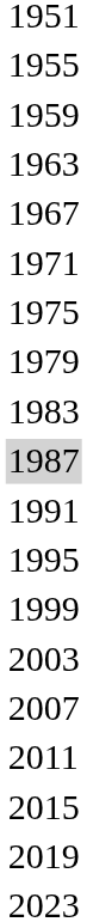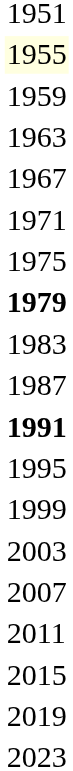 <table>
 <tr>
 <td>1951</td>
 <td></td>
 <td></td>
 <td></td>
 </tr>
 <tr>
-<td>1955</td>
+<td style="background: lightyellow;">1955</td>
 <td></td>
 <td></td>
 <td></td>
 </tr>
 <tr>
 <td>1959</td>
 <td></td>
 <td></td>
 <td></td>
 </tr>
 <tr>
 <td>1963</td>
 <td></td>
 <td></td>
 <td></td>
 </tr>
 <tr>
 <td>1967</td>
 <td></td>
 <td></td>
 <td></td>
 </tr>
 <tr>
 <td>1971</td>
 <td></td>
 <td></td>
 <td></td>
 </tr>
 <tr>
 <td>1975</td>
 <td></td>
 <td></td>
 <td></td>
 </tr>
 <tr>
-<td>1979</td>
+<td><strong>1979</strong></td>
 <td></td>
 <td></td>
 <td></td>
 </tr>
 <tr>
 <td>1983</td>
 <td></td>
 <td></td>
 <td></td>
 </tr>
 <tr>
-<td style="background: lightgrey;">1987</td>
+<td>1987</td>
 <td></td>
 <td></td>
 <td></td>
 </tr>
 <tr>
-<td>1991</td>
+<td><strong>1991</strong></td>
 <td></td>
 <td></td>
 <td></td>
 </tr>
 <tr>
 <td rowspan=2>1995</td>
 <td rowspan=2></td>
 <td rowspan=2></td>
 <td></td>
 </tr>
 <tr>
 <td></td>
 </tr>
 <tr>
 <td rowspan=2>1999</td>
 <td rowspan=2></td>
 <td rowspan=2></td>
 <td></td>
 </tr>
 <tr>
 <td></td>
 </tr>
 <tr>
 <td>2003</td>
 <td></td>
 <td></td>
 <td><br></td>
 </tr>
 <tr>
 <td>2007</td>
 <td></td>
 <td></td>
 <td><br></td>
 </tr>
 <tr>
 <td rowspan=2>2011<br></td>
 <td rowspan=2></td>
 <td rowspan=2></td>
 <td></td>
 </tr>
 <tr>
 <td></td>
 </tr>
 <tr>
 <td rowspan=2>2015<br></td>
 <td rowspan=2></td>
 <td rowspan=2></td>
 <td></td>
 </tr>
 <tr>
 <td></td>
 </tr>
 <tr>
 <td rowspan=2>2019<br></td>
 <td rowspan=2></td>
 <td rowspan=2></td>
 <td></td>
 </tr>
 <tr>
 <td></td>
 </tr>
 <tr>
 <td rowspan=2>2023<br></td>
 <td rowspan=2></td>
 <td rowspan=2></td>
 <td></td>
 </tr>
 <tr>
 <td></td>
 </tr>
 </table>
